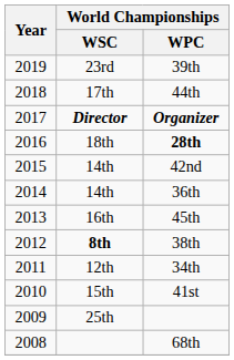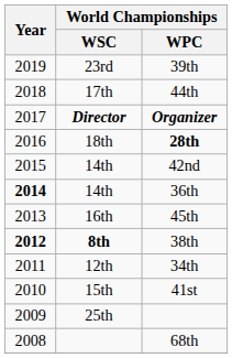 <table class="wikitable" style="text-align:center;">
 <tr>
 <th rowspan="2" width="45"><strong>Year</strong></th>
 <th colspan="2" width="160"><strong>World Championships</strong></th>
 </tr>
 <tr>
 <th width="80"><strong>WSC</strong></th>
 <th width="80"><strong>WPC</strong></th>
 </tr>
 <tr>
 <td>2019</td>
 <td>23rd</td>
 <td>39th</td>
 </tr>
 <tr>
 <td>2018</td>
 <td>17th</td>
 <td>44th</td>
 </tr>
 <tr>
 <td>2017</td>
 <td><strong><em>Director</em></strong></td>
 <td><strong><em>Organizer</em></strong></td>
 </tr>
 <tr>
 <td>2016</td>
 <td>18th</td>
 <td><strong>28th</strong></td>
 </tr>
 <tr>
 <td>2015</td>
 <td>14th</td>
 <td>42nd</td>
 </tr>
 <tr>
-<td>2014</td>
+<td><strong>2014</strong></td>
 <td>14th</td>
 <td>36th</td>
 </tr>
 <tr>
 <td>2013</td>
 <td>16th</td>
 <td>45th</td>
 </tr>
 <tr>
-<td>2012</td>
+<td><strong>2012</strong></td>
 <td><strong>8th</strong></td>
 <td>38th</td>
 </tr>
 <tr>
 <td>2011</td>
 <td>12th</td>
 <td>34th</td>
 </tr>
 <tr>
 <td>2010</td>
 <td>15th</td>
 <td>41st</td>
 </tr>
 <tr>
 <td>2009</td>
 <td>25th</td>
 <td></td>
 </tr>
 <tr>
 <td>2008</td>
 <td></td>
 <td>68th</td>
 </tr>
 <tr>
 </tr>
 </table>
